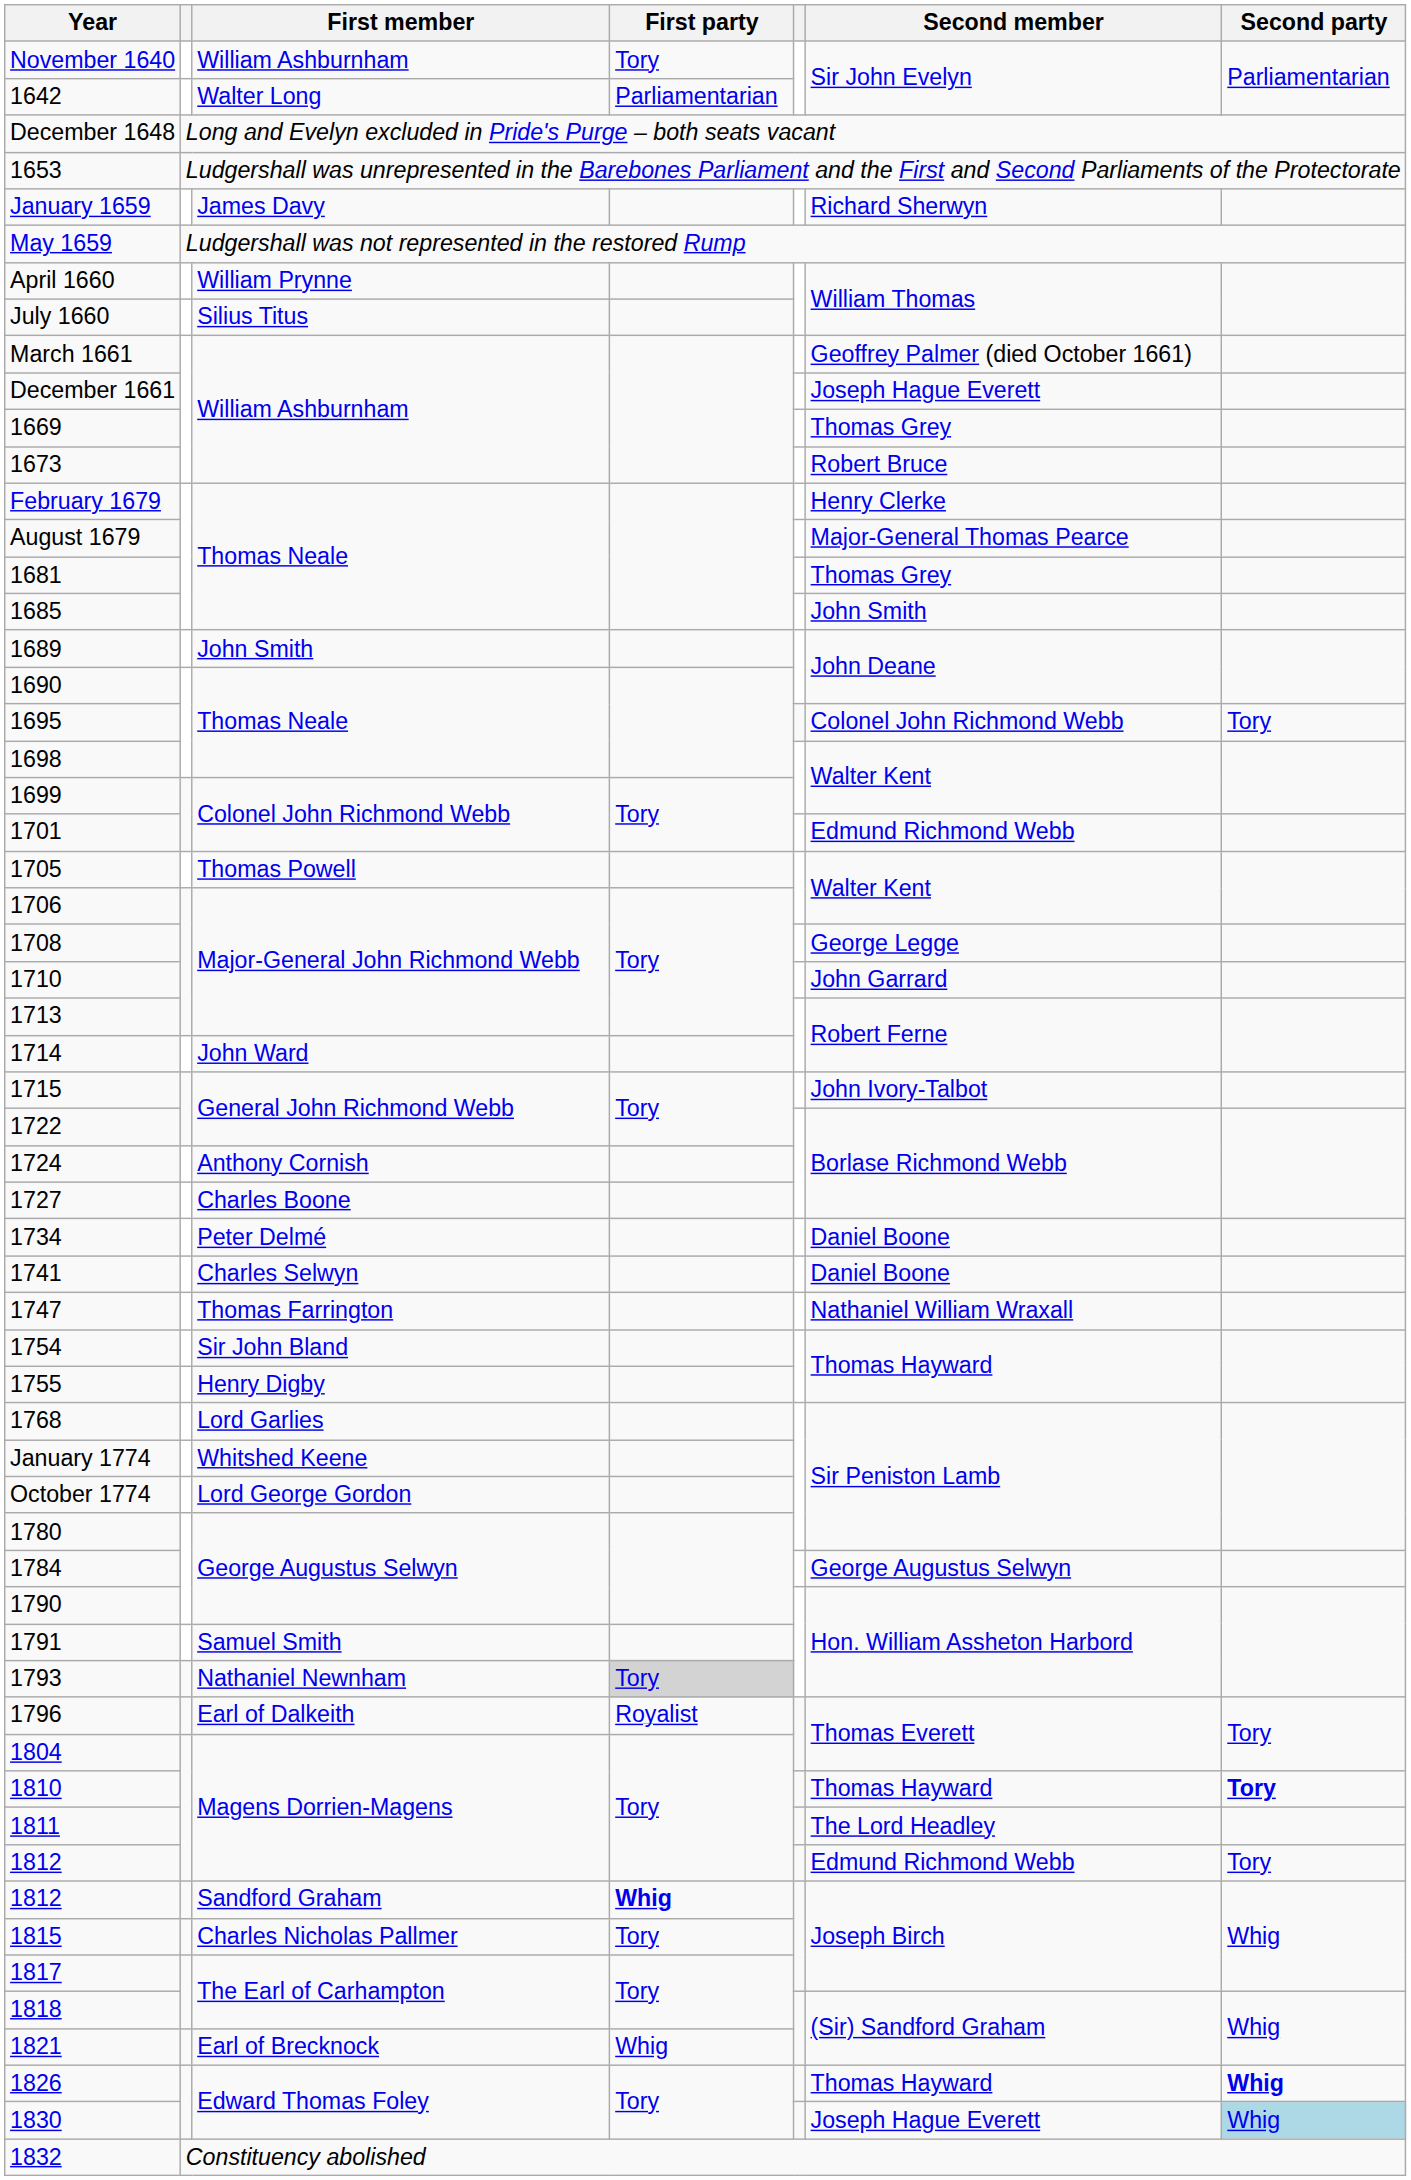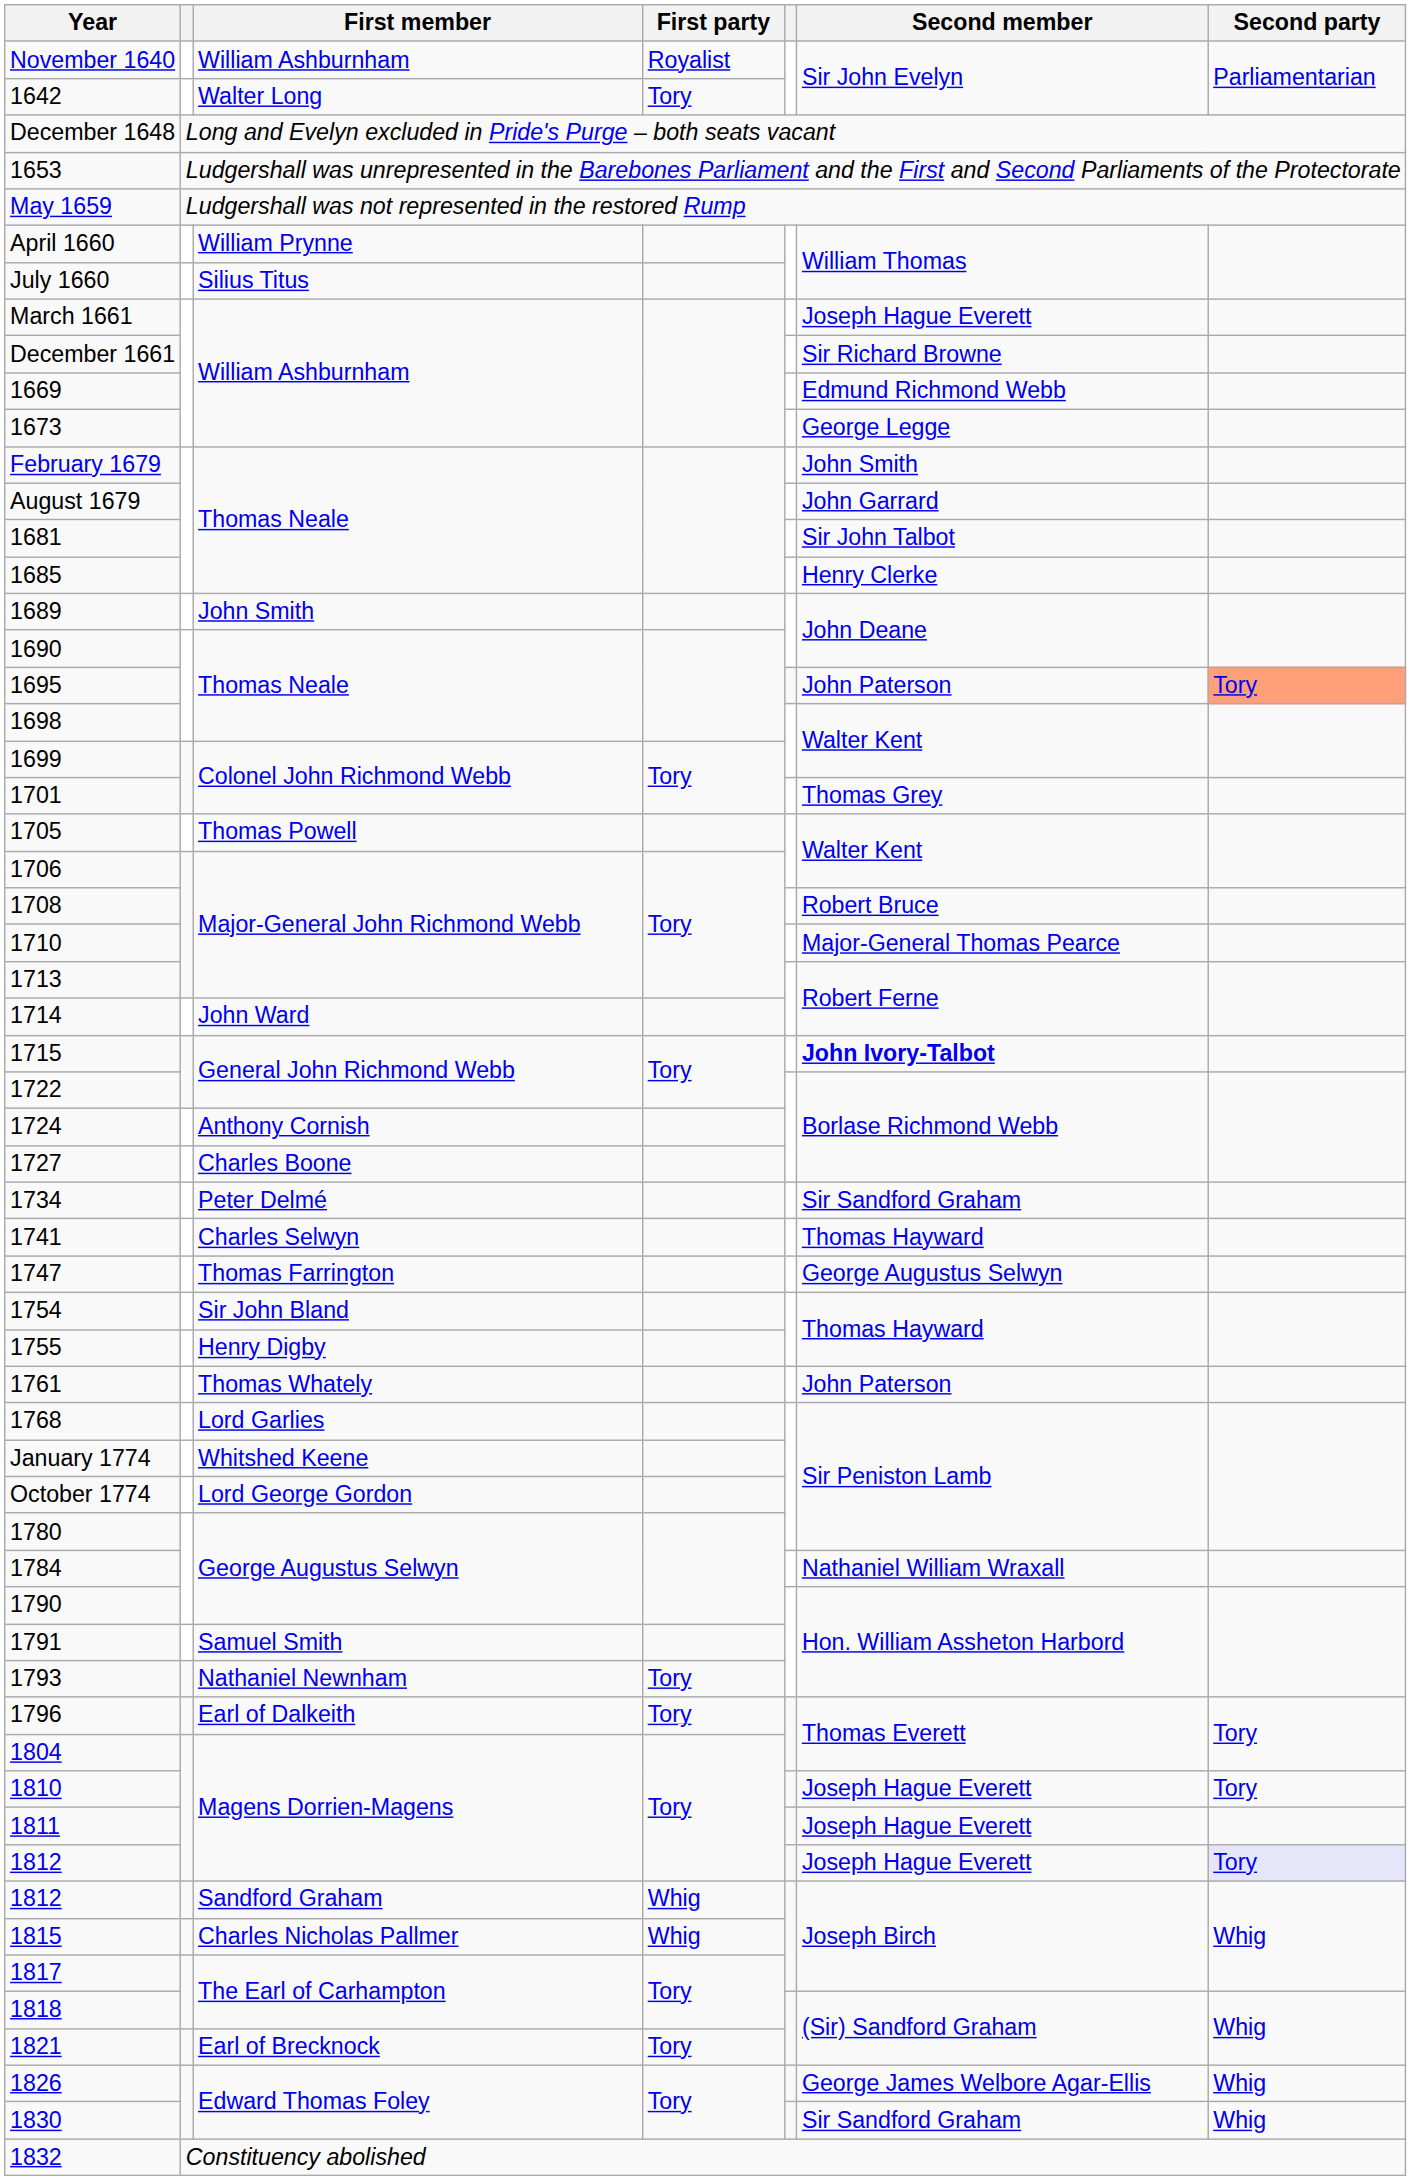 <table class="wikitable">
 <tr>
 <th>Year</th>
 <th></th>
 <th>First member</th>
 <th>First party</th>
 <th></th>
 <th>Second member</th>
 <th>Second party</th>
 </tr>
 <tr>
 <td><a href='#'>November 1640</a></td>
 <td style="color:inherit;background-color: white"></td>
 <td><a href='#'>William Ashburnham</a></td>
-<td><a href='#'>Tory</a></td>
+<td><a href='#'>Royalist</a></td>
 <td rowspan="2" style="color:inherit;background-color: white"></td>
 <td rowspan="2"><a href='#'>Sir John Evelyn</a></td>
 <td rowspan="2"><a href='#'>Parliamentarian</a></td>
 </tr>
 <tr>
 <td>1642</td>
 <td style="color:inherit;background-color: white"></td>
 <td><a href='#'>Walter Long</a></td>
-<td><a href='#'>Parliamentarian</a></td>
+<td><a href='#'>Tory</a></td>
 </tr>
 <tr>
 <td>December 1648</td>
 <td colspan="6"><em>Long and Evelyn excluded in <a href='#'>Pride's Purge</a> – both seats vacant</em></td>
 </tr>
 <tr>
 <td>1653</td>
 <td colspan="6"><em>Ludgershall was unrepresented in the <a href='#'>Barebones Parliament</a> and the <a href='#'>First</a> and <a href='#'>Second</a> Parliaments of the Protectorate</em></td>
-</tr>
-<tr>
-<td><a href='#'>January 1659</a></td>
-<td style="color:inherit;background-color: white"></td>
-<td><a href='#'>James Davy</a></td>
-<td></td>
-<td style="color:inherit;background-color: white"></td>
-<td><a href='#'>Richard Sherwyn</a></td>
-<td></td>
 </tr>
 <tr>
 <td><a href='#'>May 1659</a></td>
 <td colspan="6"><em>Ludgershall was not represented in the restored <a href='#'>Rump</a></em></td>
 </tr>
 <tr>
 <td>April 1660</td>
 <td style="color:inherit;background-color: white"></td>
 <td><a href='#'>William Prynne</a></td>
 <td></td>
 <td rowspan="2" style="color:inherit;background-color: white"></td>
 <td rowspan="2"><a href='#'>William Thomas</a></td>
 <td rowspan="2"></td>
 </tr>
 <tr>
 <td>July 1660</td>
 <td style="color:inherit;background-color: white"></td>
 <td><a href='#'>Silius Titus</a></td>
 <td></td>
 </tr>
 <tr>
 <td>March 1661</td>
 <td rowspan="4" style="color:inherit;background-color: white"></td>
 <td rowspan="4"><a href='#'>William Ashburnham</a></td>
 <td rowspan="4"></td>
 <td style="color:inherit;background-color: white"></td>
-<td><a href='#'>Geoffrey Palmer</a> (died October 1661)</td>
+<td><a href='#'>Joseph Hague Everett</a></td>
 <td></td>
 </tr>
 <tr>
 <td>December 1661</td>
 <td style="color:inherit;background-color: white"></td>
-<td><a href='#'>Joseph Hague Everett</a></td>
+<td><a href='#'>Sir Richard Browne</a></td>
 <td></td>
 </tr>
 <tr>
 <td>1669</td>
 <td style="color:inherit;background-color: white"></td>
-<td><a href='#'>Thomas Grey</a></td>
+<td><a href='#'>Edmund Richmond Webb</a></td>
 <td></td>
 </tr>
 <tr>
 <td>1673</td>
 <td style="color:inherit;background-color: white"></td>
-<td><a href='#'>Robert Bruce</a></td>
+<td><a href='#'>George Legge</a></td>
 <td></td>
 </tr>
 <tr>
 <td><a href='#'>February 1679</a></td>
 <td rowspan="4" style="color:inherit;background-color: white"></td>
 <td rowspan="4"><a href='#'>Thomas Neale</a></td>
 <td rowspan="4"></td>
 <td style="color:inherit;background-color: white"></td>
-<td><a href='#'>Henry Clerke</a></td>
+<td><a href='#'>John Smith</a></td>
 <td></td>
 </tr>
 <tr>
 <td>August 1679</td>
 <td style="color:inherit;background-color: white"></td>
-<td><a href='#'>Major-General Thomas Pearce</a></td>
+<td><a href='#'>John Garrard</a></td>
 <td></td>
 </tr>
 <tr>
 <td>1681</td>
 <td style="color:inherit;background-color: white"></td>
-<td><a href='#'>Thomas Grey</a></td>
+<td><a href='#'>Sir John Talbot</a></td>
 <td></td>
 </tr>
 <tr>
 <td>1685</td>
 <td style="color:inherit;background-color: white"></td>
-<td><a href='#'>John Smith</a></td>
+<td><a href='#'>Henry Clerke</a></td>
 <td></td>
 </tr>
 <tr>
 <td>1689</td>
 <td style="color:inherit;background-color: white"></td>
 <td><a href='#'>John Smith</a></td>
 <td></td>
 <td rowspan="2" style="color:inherit;background-color: white"></td>
 <td rowspan="2"><a href='#'>John Deane</a></td>
 <td rowspan="2"></td>
 </tr>
 <tr>
 <td>1690</td>
 <td rowspan="3" style="color:inherit;background-color: white"></td>
 <td rowspan="3"><a href='#'>Thomas Neale</a></td>
 <td rowspan="3"></td>
 </tr>
 <tr>
 <td>1695</td>
 <td style="color:inherit;background-color: "></td>
-<td><a href='#'>Colonel John Richmond Webb</a></td>
-<td><a href='#'>Tory</a></td>
+<td><a href='#'>John Paterson</a></td>
+<td style="background: lightsalmon;"><a href='#'>Tory</a></td>
 </tr>
 <tr>
 <td>1698</td>
 <td rowspan="2" style="color:inherit;background-color: white"></td>
 <td rowspan="2"><a href='#'>Walter Kent</a></td>
 <td rowspan="2"></td>
 </tr>
 <tr>
 <td>1699</td>
 <td rowspan="2" style="color:inherit;background-color: "></td>
 <td rowspan="2"><a href='#'>Colonel John Richmond Webb</a></td>
 <td rowspan="2"><a href='#'>Tory</a></td>
 </tr>
 <tr>
 <td>1701</td>
 <td style="color:inherit;background-color: white"></td>
-<td><a href='#'>Edmund Richmond Webb</a></td>
+<td><a href='#'>Thomas Grey</a></td>
 <td></td>
 </tr>
 <tr>
 <td>1705</td>
 <td style="color:inherit;background-color: white"></td>
 <td><a href='#'>Thomas Powell</a></td>
 <td></td>
 <td rowspan="2" style="color:inherit;background-color: white"></td>
 <td rowspan="2"><a href='#'>Walter Kent</a></td>
 <td rowspan="2"></td>
 </tr>
 <tr>
 <td>1706</td>
 <td rowspan="4" style="color:inherit;background-color: "></td>
 <td rowspan="4"><a href='#'>Major-General John Richmond Webb</a></td>
 <td rowspan="4"><a href='#'>Tory</a></td>
 </tr>
 <tr>
 <td>1708</td>
 <td style="color:inherit;background-color: white"></td>
-<td><a href='#'>George Legge</a></td>
+<td><a href='#'>Robert Bruce</a></td>
 <td></td>
 </tr>
 <tr>
 <td>1710</td>
 <td style="color:inherit;background-color: white"></td>
-<td><a href='#'>John Garrard</a></td>
+<td><a href='#'>Major-General Thomas Pearce</a></td>
 <td></td>
 </tr>
 <tr>
 <td>1713</td>
 <td rowspan="2" style="color:inherit;background-color: white"></td>
 <td rowspan="2"><a href='#'>Robert Ferne</a></td>
 <td rowspan="2"></td>
 </tr>
 <tr>
 <td>1714</td>
 <td style="color:inherit;background-color: white"></td>
 <td><a href='#'>John Ward</a></td>
 <td></td>
 </tr>
 <tr>
 <td>1715</td>
 <td rowspan="2" style="color:inherit;background-color: "></td>
 <td rowspan="2"><a href='#'>General John Richmond Webb</a></td>
 <td rowspan="2"><a href='#'>Tory</a></td>
 <td style="color:inherit;background-color: white"></td>
-<td><a href='#'>John Ivory-Talbot</a></td>
+<td><strong><a href='#'>John Ivory-Talbot</a></strong></td>
 <td></td>
 </tr>
 <tr>
 <td>1722</td>
 <td rowspan="3" style="color:inherit;background-color: white"></td>
 <td rowspan="3"><a href='#'>Borlase Richmond Webb</a></td>
 <td rowspan="3"></td>
 </tr>
 <tr>
 <td>1724</td>
 <td style="color:inherit;background-color: white"></td>
 <td><a href='#'>Anthony Cornish</a></td>
 <td></td>
 </tr>
 <tr>
 <td>1727</td>
 <td style="color:inherit;background-color: white"></td>
 <td><a href='#'>Charles Boone</a></td>
 <td></td>
 </tr>
 <tr>
 <td>1734</td>
 <td style="color:inherit;background-color: white"></td>
 <td><a href='#'>Peter Delmé</a></td>
 <td></td>
 <td style="color:inherit;background-color: white"></td>
-<td><a href='#'>Daniel Boone</a></td>
+<td><a href='#'>Sir Sandford Graham</a></td>
 <td></td>
 </tr>
 <tr>
 <td>1741</td>
 <td style="color:inherit;background-color: white"></td>
 <td><a href='#'>Charles Selwyn</a></td>
 <td></td>
 <td style="color:inherit;background-color: white"></td>
-<td><a href='#'>Daniel Boone</a></td>
+<td><a href='#'>Thomas Hayward</a></td>
 <td></td>
 </tr>
 <tr>
 <td>1747</td>
 <td style="color:inherit;background-color: white"></td>
 <td><a href='#'>Thomas Farrington</a></td>
 <td></td>
 <td style="color:inherit;background-color: white"></td>
-<td><a href='#'>Nathaniel William Wraxall</a></td>
+<td><a href='#'>George Augustus Selwyn</a></td>
 <td></td>
 </tr>
 <tr>
 <td>1754</td>
 <td style="color:inherit;background-color: white"></td>
 <td><a href='#'>Sir John Bland</a></td>
 <td></td>
 <td rowspan="2" style="color:inherit;background-color: white"></td>
 <td rowspan="2"><a href='#'>Thomas Hayward</a></td>
 <td rowspan="2"></td>
 </tr>
 <tr>
 <td>1755</td>
 <td style="color:inherit;background-color: white"></td>
 <td><a href='#'>Henry Digby</a></td>
+<td></td>
+</tr>
+<tr>
+<td>1761</td>
+<td style="color:inherit;background-color: white"></td>
+<td><a href='#'>Thomas Whately</a></td>
+<td></td>
+<td style="color:inherit;background-color: white"></td>
+<td><a href='#'>John Paterson</a></td>
 <td></td>
 </tr>
 <tr>
 <td>1768</td>
 <td style="color:inherit;background-color: white"></td>
 <td><a href='#'>Lord Garlies</a></td>
 <td></td>
 <td rowspan="4" style="color:inherit;background-color: white"></td>
 <td rowspan="4"><a href='#'>Sir Peniston Lamb</a></td>
 <td rowspan="4"></td>
 </tr>
 <tr>
 <td>January 1774</td>
 <td style="color:inherit;background-color: white"></td>
 <td><a href='#'>Whitshed Keene</a></td>
 <td></td>
 </tr>
 <tr>
 <td>October 1774</td>
 <td style="color:inherit;background-color: white"></td>
 <td><a href='#'>Lord George Gordon</a></td>
 <td></td>
 </tr>
 <tr>
 <td>1780</td>
 <td rowspan="3" style="color:inherit;background-color: white"></td>
 <td rowspan="3"><a href='#'>George Augustus Selwyn</a></td>
 <td rowspan="3"></td>
 </tr>
 <tr>
 <td>1784</td>
 <td style="color:inherit;background-color: white"></td>
-<td><a href='#'>George Augustus Selwyn</a></td>
+<td><a href='#'>Nathaniel William Wraxall</a></td>
 <td></td>
 </tr>
 <tr>
 <td>1790</td>
 <td rowspan="3" style="color:inherit;background-color: white"></td>
 <td rowspan="3"><a href='#'>Hon. William Assheton Harbord</a></td>
 <td rowspan="3"></td>
 </tr>
 <tr>
 <td>1791</td>
 <td style="color:inherit;background-color: white"></td>
 <td><a href='#'>Samuel Smith</a></td>
 <td></td>
 </tr>
 <tr>
 <td>1793</td>
 <td style="color:inherit;background-color: "></td>
 <td><a href='#'>Nathaniel Newnham</a></td>
-<td style="background: lightgrey;"><a href='#'>Tory</a></td>
+<td><a href='#'>Tory</a></td>
 </tr>
 <tr>
 <td>1796</td>
 <td style="color:inherit;background-color: "></td>
 <td><a href='#'>Earl of Dalkeith</a></td>
-<td><a href='#'>Royalist</a></td>
+<td><a href='#'>Tory</a></td>
 <td rowspan="2" style="color:inherit;background-color: "></td>
 <td rowspan="2"><a href='#'>Thomas Everett</a></td>
 <td rowspan="2"><a href='#'>Tory</a></td>
 </tr>
 <tr>
 <td><a href='#'>1804</a></td>
 <td rowspan="4" style="color:inherit;background-color: "></td>
 <td rowspan="4"><a href='#'>Magens Dorrien-Magens</a></td>
 <td rowspan="4"><a href='#'>Tory</a></td>
 </tr>
 <tr>
 <td><a href='#'>1810</a></td>
 <td style="color:inherit;background-color: "></td>
-<td><a href='#'>Thomas Hayward</a></td>
-<td><strong><a href='#'>Tory</a></strong></td>
+<td><a href='#'>Joseph Hague Everett</a></td>
+<td><a href='#'>Tory</a></td>
 </tr>
 <tr>
 <td><a href='#'>1811</a></td>
 <td style="color:inherit;background-color: "></td>
-<td><a href='#'>The Lord Headley</a></td>
+<td><a href='#'>Joseph Hague Everett</a></td>
 <td></td>
 </tr>
 <tr>
 <td><a href='#'>1812</a></td>
 <td style="color:inherit;background-color: "></td>
-<td><a href='#'>Edmund Richmond Webb</a></td>
-<td><a href='#'>Tory</a></td>
+<td><a href='#'>Joseph Hague Everett</a></td>
+<td style="background: lavender;"><a href='#'>Tory</a></td>
 </tr>
 <tr>
 <td><a href='#'>1812</a></td>
 <td style="color:inherit;background-color: "></td>
 <td><a href='#'>Sandford Graham</a></td>
-<td><strong><a href='#'>Whig</a></strong></td>
+<td><a href='#'>Whig</a></td>
 <td rowspan="3" style="color:inherit;background-color: "></td>
 <td rowspan="3"><a href='#'>Joseph Birch</a></td>
 <td rowspan="3"><a href='#'>Whig</a></td>
 </tr>
 <tr>
 <td><a href='#'>1815</a></td>
 <td style="color:inherit;background-color: "></td>
 <td><a href='#'>Charles Nicholas Pallmer</a></td>
-<td><a href='#'>Tory</a></td>
+<td><a href='#'>Whig</a></td>
 </tr>
 <tr>
 <td><a href='#'>1817</a></td>
 <td rowspan="2" style="color:inherit;background-color: "></td>
 <td rowspan="2"><a href='#'>The Earl of Carhampton</a></td>
 <td rowspan="2"><a href='#'>Tory</a></td>
 </tr>
 <tr>
 <td><a href='#'>1818</a></td>
 <td rowspan="2" style="color:inherit;background-color: "></td>
 <td rowspan="2"><a href='#'>(Sir) Sandford Graham</a></td>
 <td rowspan="2"><a href='#'>Whig</a></td>
 </tr>
 <tr>
 <td><a href='#'>1821</a></td>
 <td style="color:inherit;background-color: "></td>
 <td><a href='#'>Earl of Brecknock</a></td>
-<td><a href='#'>Whig</a></td>
+<td><a href='#'>Tory</a></td>
 </tr>
 <tr>
 <td><a href='#'>1826</a></td>
 <td rowspan="2" style="color:inherit;background-color: "></td>
 <td rowspan="2"><a href='#'>Edward Thomas Foley</a></td>
 <td rowspan="2"><a href='#'>Tory</a></td>
 <td style="color:inherit;background-color: "></td>
-<td><a href='#'>Thomas Hayward</a></td>
-<td><strong><a href='#'>Whig</a></strong></td>
+<td><a href='#'>George James Welbore Agar-Ellis</a></td>
+<td><a href='#'>Whig</a></td>
 </tr>
 <tr>
 <td><a href='#'>1830</a></td>
 <td style="color:inherit;background-color: "></td>
-<td><a href='#'>Joseph Hague Everett</a></td>
-<td style="background: lightblue;"><a href='#'>Whig</a></td>
+<td><a href='#'>Sir Sandford Graham</a></td>
+<td><a href='#'>Whig</a></td>
 </tr>
 <tr>
 <td><a href='#'>1832</a></td>
 <td colspan="6"><em>Constituency abolished</em></td>
 </tr>
 </table>
